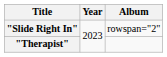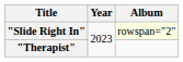 <table class="wikitable plainrowheaders" style="text-align:center;">
 <tr>
 <th scope="col">Title</th>
 <th scope="col">Year</th>
 <th scope="col">Album</th>
 </tr>
 <tr>
 <th scope="row">"Slide Right In"</th>
 <td rowspan="2">2023</td>
-<td>rowspan="2" </td>
+<td style="background: lightyellow;">rowspan="2" </td>
 </tr>
 <tr>
 <th scope="row">"Therapist"</th>
 </tr>
 </table>
